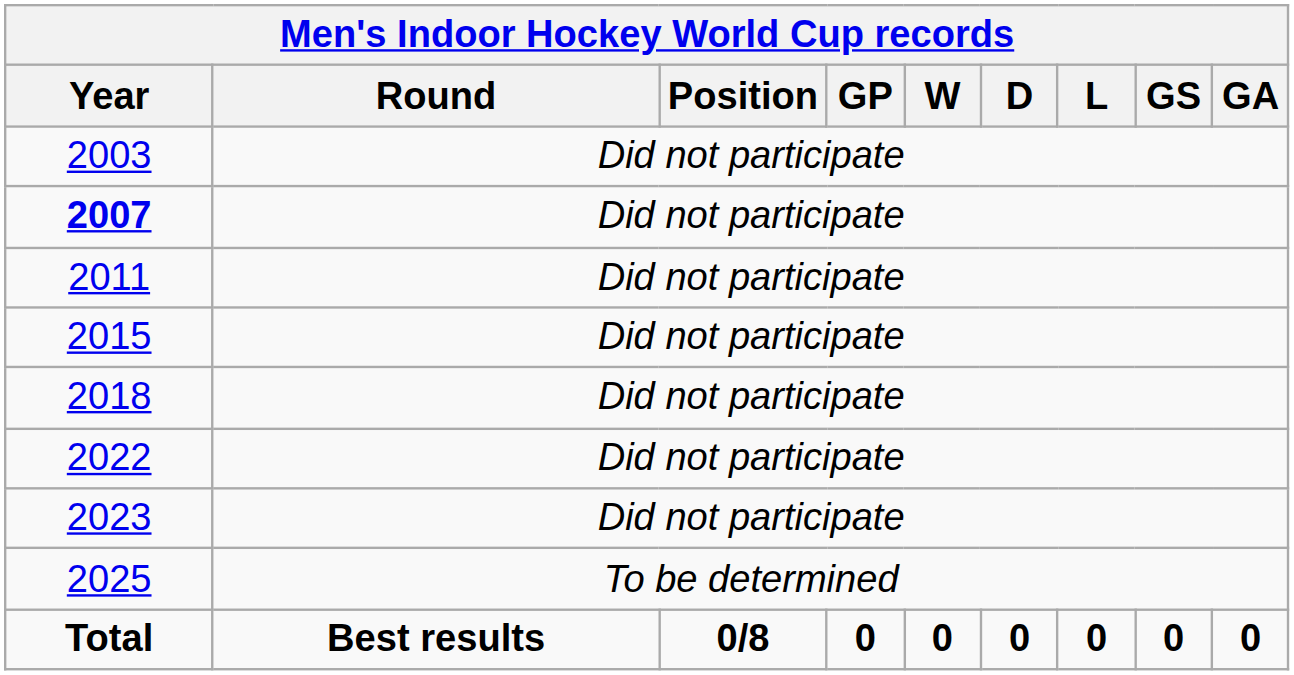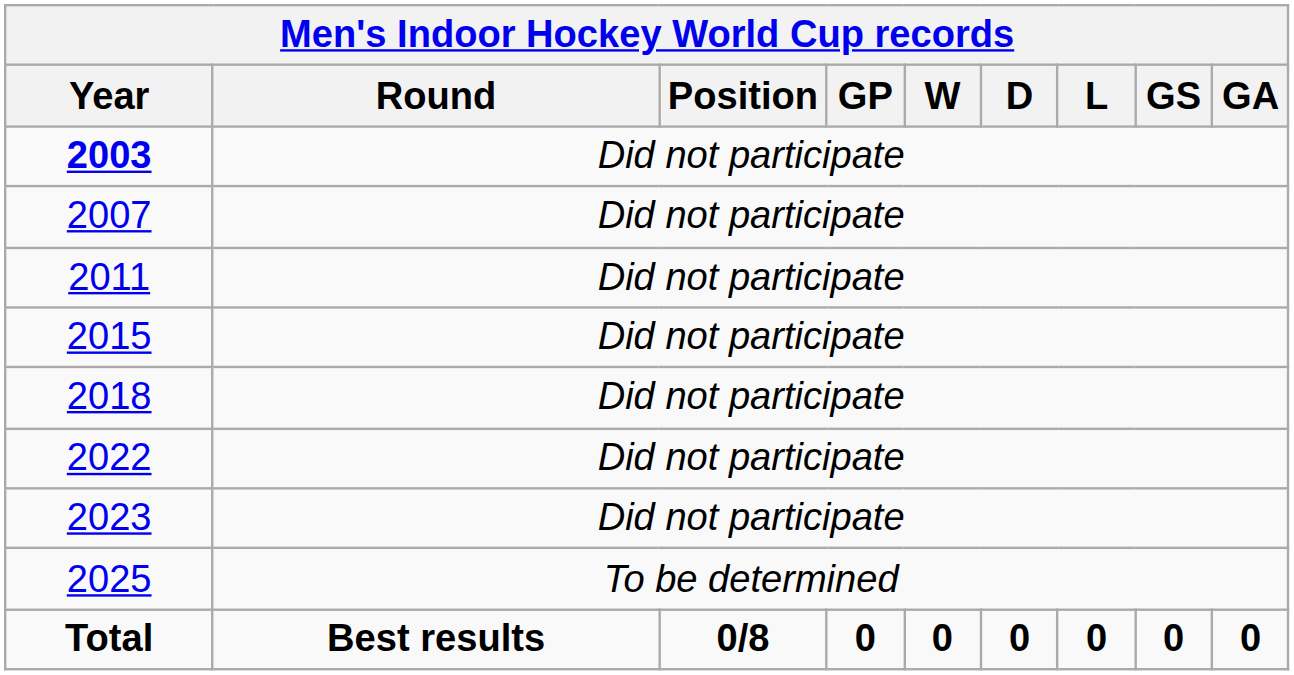 <table class="wikitable" style="text-align: center">
 <tr>
 <th colspan=9><a href='#'>Men's Indoor Hockey World Cup records</a></th>
 </tr>
 <tr>
 <th width=80>Year</th>
 <th width=180>Round</th>
 <th>Position</th>
 <th width=25>GP</th>
 <th width=25>W</th>
 <th width=25>D</th>
 <th width=25>L</th>
 <th width=25>GS</th>
 <th width=25>GA</th>
 </tr>
 <tr>
-<td> <a href='#'>2003</a></td>
+<td><strong> <a href='#'>2003</a></strong></td>
 <td colspan=8><em>Did not participate</em></td>
 </tr>
 <tr>
-<td><strong> <a href='#'>2007</a></strong></td>
+<td> <a href='#'>2007</a></td>
 <td colspan=8><em>Did not participate</em></td>
 </tr>
 <tr>
 <td> <a href='#'>2011</a></td>
 <td colspan=8><em>Did not participate</em></td>
 </tr>
 <tr>
 <td> <a href='#'>2015</a></td>
 <td colspan=8><em>Did not participate</em></td>
 </tr>
 <tr>
 <td> <a href='#'>2018</a></td>
 <td colspan=8><em>Did not participate</em></td>
 </tr>
 <tr>
 <td> <a href='#'>2022</a></td>
 <td colspan=8><em>Did not participate</em></td>
 </tr>
 <tr>
 <td> <a href='#'>2023</a></td>
 <td colspan=8><em>Did not participate</em></td>
 </tr>
 <tr>
 <td> <a href='#'>2025</a></td>
 <td colspan=8><em>To be determined</em></td>
 </tr>
 <tr>
 <td><strong>Total</strong></td>
 <td><strong>Best results</strong></td>
 <td><strong>0/8</strong></td>
 <td><strong>0</strong></td>
 <td><strong>0</strong></td>
 <td><strong>0</strong></td>
 <td><strong>0</strong></td>
 <td><strong>0</strong></td>
 <td><strong>0</strong></td>
 </tr>
 </table>
